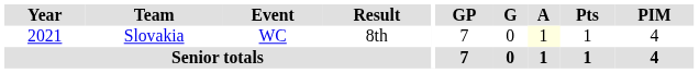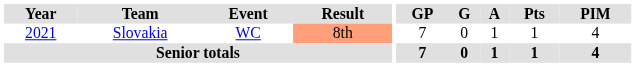 <table border="0" cellpadding="1" cellspacing="0" ID="Table3" style="text-align:center; width:40em">
 <tr ALIGN="center" bgcolor="#e0e0e0">
 <th>Year</th>
 <th>Team</th>
 <th>Event</th>
 <th>Result</th>
 <th rowspan="99" bgcolor="#ffffff"></th>
 <th>GP</th>
 <th>G</th>
 <th>A</th>
 <th>Pts</th>
 <th>PIM</th>
 </tr>
 <tr>
 <td><a href='#'>2021</a></td>
 <td><a href='#'>Slovakia</a></td>
 <td><a href='#'>WC</a></td>
-<td>8th</td>
+<td style="background: lightsalmon;">8th</td>
 <td>7</td>
 <td>0</td>
-<td style="background: lightyellow;">1</td>
+<td>1</td>
 <td>1</td>
 <td>4</td>
 </tr>
 <tr bgcolor="#e0e0e0">
 <th colspan="4">Senior totals</th>
 <th>7</th>
 <th>0</th>
 <th>1</th>
 <th>1</th>
 <th>4</th>
 </tr>
 </table>
